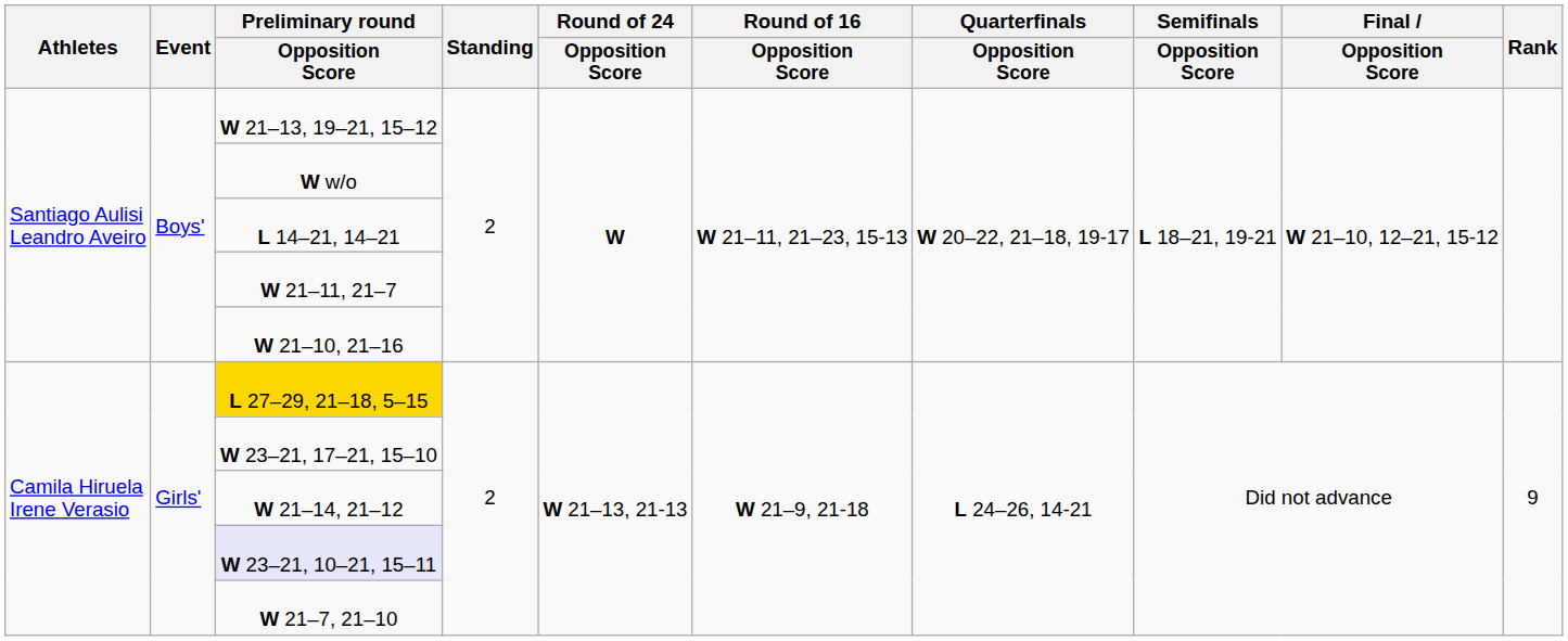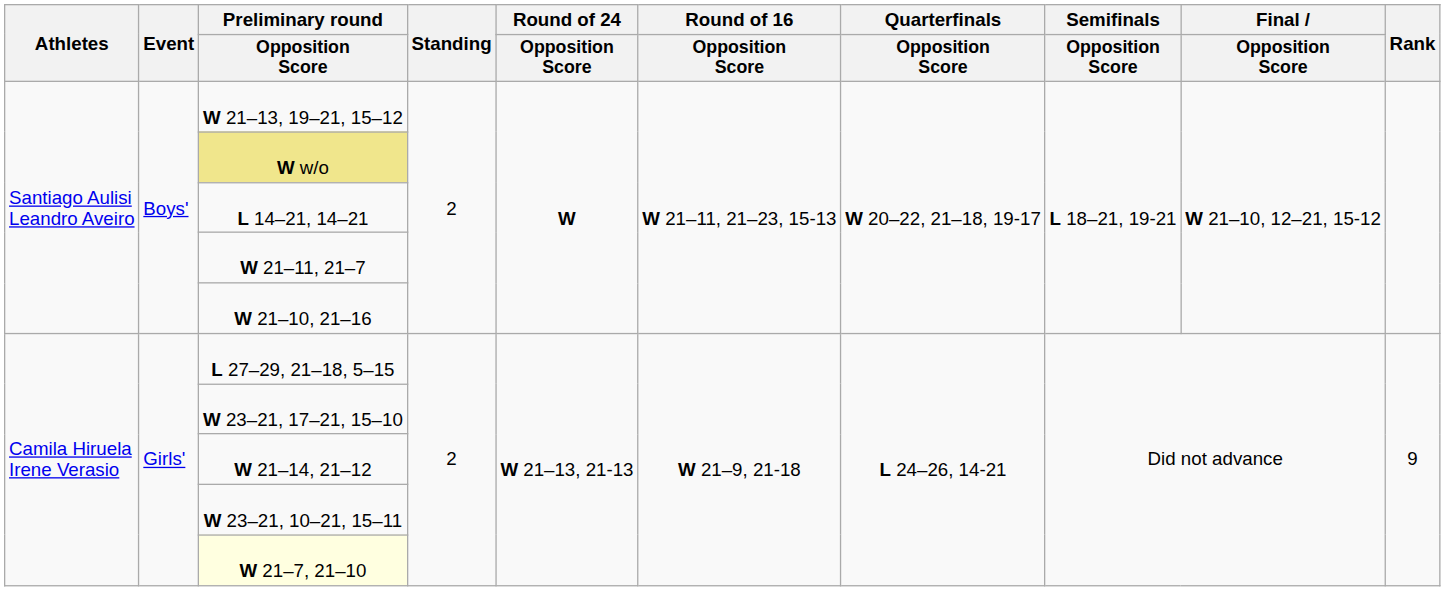 <table class=wikitable style="font-size:90%">
 <tr>
 <th rowspan="2">Athletes</th>
 <th rowspan="2">Event</th>
 <th>Preliminary round</th>
 <th rowspan="2">Standing</th>
 <th>Round of 24</th>
 <th>Round of 16</th>
 <th>Quarterfinals</th>
 <th>Semifinals</th>
 <th>Final / </th>
 <th rowspan=2>Rank</th>
 </tr>
 <tr style="font-size:95%">
 <th>Opposition<br>Score</th>
 <th>Opposition<br>Score</th>
 <th>Opposition<br>Score</th>
 <th>Opposition<br>Score</th>
 <th>Opposition<br>Score</th>
 <th>Opposition<br>Score</th>
 </tr>
 <tr align=center>
 <td align=left rowspan=5><a href='#'>Santiago Aulisi</a> <br> <a href='#'>Leandro Aveiro</a></td>
 <td align=left rowspan=5><a href='#'>Boys'</a></td>
 <td><br><strong>W</strong> 21–13, 19–21, 15–12</td>
 <td rowspan=5>2</td>
 <td rowspan=5><br><strong>W</strong></td>
 <td rowspan=5><br><strong>W</strong> 21–11, 21–23, 15-13</td>
 <td rowspan=5><br><strong>W</strong> 20–22, 21–18, 19-17</td>
 <td rowspan=5><br><strong>L</strong> 18–21, 19-21</td>
 <td rowspan=5><br><strong>W</strong> 21–10, 12–21, 15-12</td>
 <td rowspan=5></td>
 </tr>
 <tr align=center>
-<td><br><strong>W</strong> w/o</td>
+<td style="background: khaki;"><br><strong>W</strong> w/o</td>
 </tr>
 <tr align=center>
 <td><br><strong>L</strong> 14–21, 14–21</td>
 </tr>
 <tr align=center>
 <td><br><strong>W</strong> 21–11, 21–7</td>
 </tr>
 <tr align=center>
 <td><br><strong>W</strong> 21–10, 21–16</td>
 </tr>
 <tr align=center>
 <td align=left rowspan=5><a href='#'>Camila Hiruela</a> <br> <a href='#'>Irene Verasio</a></td>
 <td align=left rowspan=5><a href='#'>Girls'</a></td>
-<td style="background: gold;"><br><strong>L</strong> 27–29, 21–18, 5–15</td>
+<td><br><strong>L</strong> 27–29, 21–18, 5–15</td>
 <td rowspan=5>2</td>
 <td rowspan=5><br><strong>W</strong> 21–13, 21-13</td>
 <td rowspan=5><br><strong>W</strong> 21–9, 21-18</td>
 <td rowspan=5><br><strong>L</strong> 24–26, 14-21</td>
 <td rowspan=5 colspan=2>Did not advance</td>
 <td rowspan=5>9</td>
 </tr>
 <tr align=center>
 <td><br><strong>W</strong> 23–21, 17–21, 15–10</td>
 </tr>
 <tr align=center>
 <td><br><strong>W</strong> 21–14, 21–12</td>
 </tr>
 <tr align=center>
-<td style="background: lavender;"><br><strong>W</strong> 23–21, 10–21, 15–11</td>
+<td><br><strong>W</strong> 23–21, 10–21, 15–11</td>
 </tr>
 <tr align=center>
-<td><br><strong>W</strong> 21–7, 21–10</td>
+<td style="background: lightyellow;"><br><strong>W</strong> 21–7, 21–10</td>
 </tr>
 </table>
